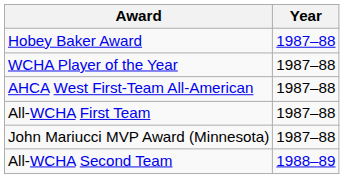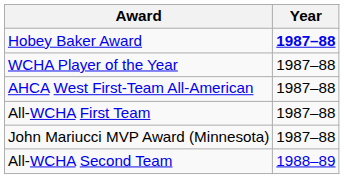 <table class="wikitable">
 <tr>
 <th>Award</th>
 <th>Year</th>
 </tr>
 <tr>
 <td><a href='#'>Hobey Baker Award</a></td>
-<td><a href='#'>1987–88</a></td>
+<td><strong><a href='#'>1987–88</a></strong></td>
 </tr>
 <tr>
 <td><a href='#'>WCHA Player of the Year</a></td>
 <td>1987–88</td>
 </tr>
 <tr>
 <td><a href='#'>AHCA</a> <a href='#'>West First-Team All-American</a></td>
 <td>1987–88</td>
 </tr>
 <tr>
 <td>All-<a href='#'>WCHA</a> <a href='#'>First Team</a></td>
 <td>1987–88</td>
 </tr>
 <tr>
 <td>John Mariucci MVP Award (Minnesota)</td>
 <td>1987–88</td>
 </tr>
 <tr>
 <td>All-<a href='#'>WCHA</a> <a href='#'>Second Team</a></td>
 <td><a href='#'>1988–89</a></td>
 </tr>
 </table>
